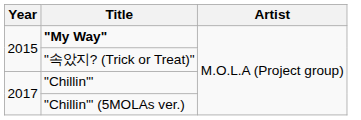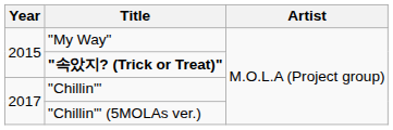 <table class="wikitable" style="text-align:center;" border="1">
 <tr>
 <th scope="col">Year</th>
 <th scope="col">Title</th>
 <th scope="col">Artist</th>
 </tr>
 <tr>
 <td rowspan="2">2015</td>
-<td style="text-align:left;"><strong>"My Way"</strong></td>
+<td style="text-align:left;">"My Way"</td>
 <td rowspan="4" style="text-align:center;">M.O.L.A (Project group)</td>
 </tr>
 <tr>
-<td style="text-align:left;">"속았지? (Trick or Treat)"</td>
+<td style="text-align:left;"><strong>"속았지? (Trick or Treat)"</strong></td>
 </tr>
 <tr>
 <td rowspan="2">2017</td>
 <td style="text-align:left;">"Chillin'"</td>
 </tr>
 <tr>
 <td style="text-align:left;">"Chillin'" (5MOLAs ver.)</td>
 </tr>
 </table>
